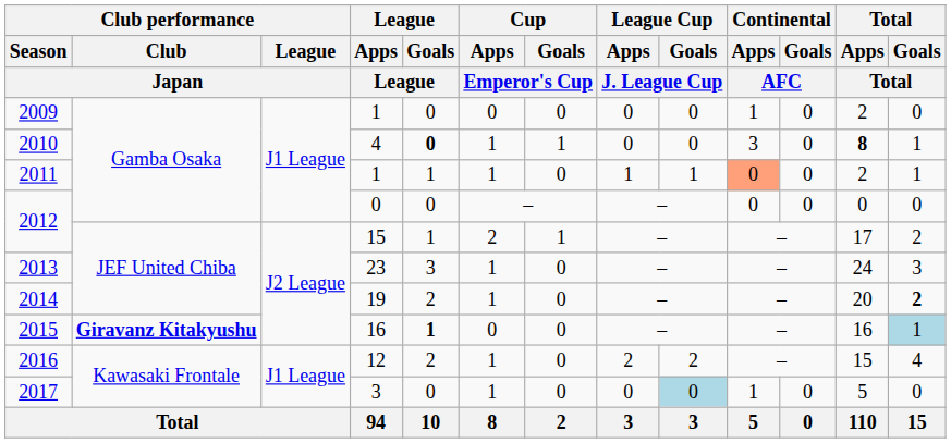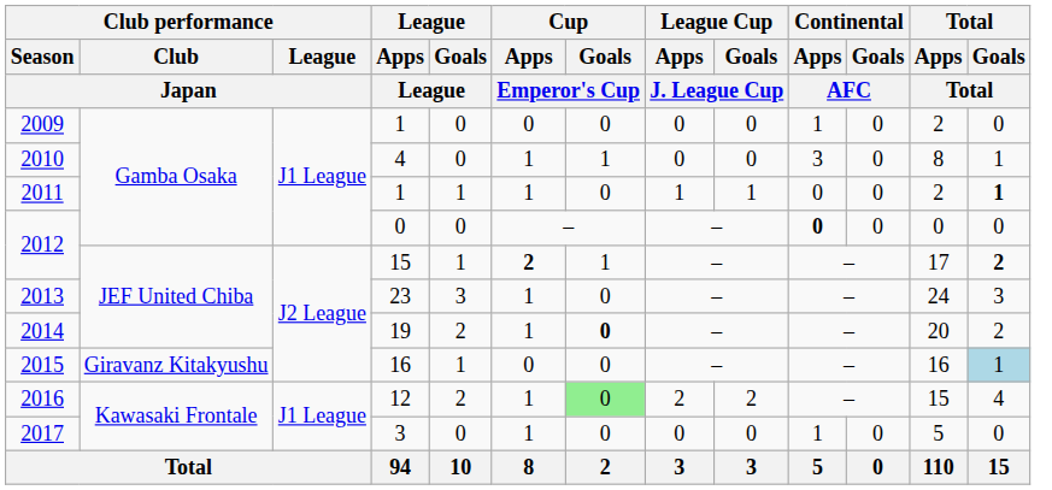 <table class="wikitable" style="text-align:center;">
 <tr>
 <th colspan=3>Club performance</th>
 <th colspan=2>League</th>
 <th colspan=2>Cup</th>
 <th colspan=2>League Cup</th>
 <th colspan=2>Continental</th>
 <th colspan=2>Total</th>
 </tr>
 <tr>
 <th>Season</th>
 <th>Club</th>
 <th>League</th>
 <th>Apps</th>
 <th>Goals</th>
 <th>Apps</th>
 <th>Goals</th>
 <th>Apps</th>
 <th>Goals</th>
 <th>Apps</th>
 <th>Goals</th>
 <th>Apps</th>
 <th>Goals</th>
 </tr>
 <tr>
 <th colspan=3>Japan</th>
 <th colspan=2>League</th>
 <th colspan=2><a href='#'>Emperor's Cup</a></th>
 <th colspan=2><a href='#'>J. League Cup</a></th>
 <th colspan=2><a href='#'>AFC</a></th>
 <th colspan=2>Total</th>
 </tr>
 <tr>
 <td><a href='#'>2009</a></td>
 <td rowspan="4"><a href='#'>Gamba Osaka</a></td>
 <td rowspan="4"><a href='#'>J1 League</a></td>
 <td>1</td>
 <td>0</td>
 <td>0</td>
 <td>0</td>
 <td>0</td>
 <td>0</td>
 <td>1</td>
 <td>0</td>
 <td>2</td>
 <td>0</td>
 </tr>
 <tr>
 <td><a href='#'>2010</a></td>
 <td>4</td>
-<td><strong>0</strong></td>
+<td>0</td>
 <td>1</td>
 <td>1</td>
 <td>0</td>
 <td>0</td>
 <td>3</td>
 <td>0</td>
-<td><strong>8</strong></td>
+<td>8</td>
 <td>1</td>
 </tr>
 <tr>
 <td><a href='#'>2011</a></td>
 <td>1</td>
 <td>1</td>
 <td>1</td>
 <td>0</td>
 <td>1</td>
 <td>1</td>
-<td style="background: lightsalmon;">0</td>
+<td>0</td>
 <td>0</td>
 <td>2</td>
-<td>1</td>
+<td><strong>1</strong></td>
 </tr>
 <tr>
 <td rowspan="2"><a href='#'>2012</a></td>
 <td>0</td>
 <td>0</td>
 <td colspan="2">–</td>
 <td colspan="2">–</td>
-<td>0</td>
+<td><strong>0</strong></td>
 <td>0</td>
 <td>0</td>
 <td>0</td>
 </tr>
 <tr>
 <td rowspan="3"><a href='#'>JEF United Chiba</a></td>
 <td rowspan="4"><a href='#'>J2 League</a></td>
 <td>15</td>
 <td>1</td>
-<td>2</td>
+<td><strong>2</strong></td>
 <td>1</td>
 <td colspan="2">–</td>
 <td colspan="2">–</td>
 <td>17</td>
-<td>2</td>
+<td><strong>2</strong></td>
 </tr>
 <tr>
 <td><a href='#'>2013</a></td>
 <td>23</td>
 <td>3</td>
 <td>1</td>
 <td>0</td>
 <td colspan="2">–</td>
 <td colspan="2">–</td>
 <td>24</td>
 <td>3</td>
 </tr>
 <tr>
 <td><a href='#'>2014</a></td>
 <td>19</td>
 <td>2</td>
 <td>1</td>
-<td>0</td>
+<td><strong>0</strong></td>
 <td colspan="2">–</td>
 <td colspan="2">–</td>
 <td>20</td>
-<td><strong>2</strong></td>
+<td>2</td>
 </tr>
 <tr>
 <td><a href='#'>2015</a></td>
-<td><strong><a href='#'>Giravanz Kitakyushu</a></strong></td>
+<td><a href='#'>Giravanz Kitakyushu</a></td>
 <td>16</td>
-<td><strong>1</strong></td>
+<td>1</td>
 <td>0</td>
 <td>0</td>
 <td colspan="2">–</td>
 <td colspan="2">–</td>
 <td>16</td>
 <td style="background: lightblue;">1</td>
 </tr>
 <tr>
 <td><a href='#'>2016</a></td>
 <td rowspan="2"><a href='#'>Kawasaki Frontale</a></td>
 <td rowspan="2"><a href='#'>J1 League</a></td>
 <td>12</td>
 <td>2</td>
 <td>1</td>
-<td>0</td>
+<td style="background: lightgreen;">0</td>
 <td>2</td>
 <td>2</td>
 <td colspan="2">–</td>
 <td>15</td>
 <td>4</td>
 </tr>
 <tr>
 <td><a href='#'>2017</a></td>
 <td>3</td>
 <td>0</td>
 <td>1</td>
 <td>0</td>
 <td>0</td>
-<td style="background: lightblue;">0</td>
+<td>0</td>
 <td>1</td>
 <td>0</td>
 <td>5</td>
 <td>0</td>
 </tr>
 <tr>
 <th colspan=3>Total</th>
 <th>94</th>
 <th>10</th>
 <th>8</th>
 <th>2</th>
 <th>3</th>
 <th>3</th>
 <th>5</th>
 <th>0</th>
 <th>110</th>
 <th>15</th>
 </tr>
 </table>
